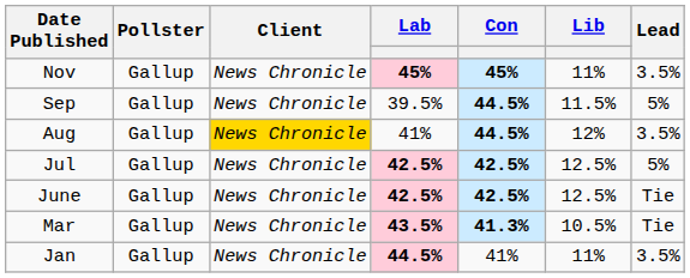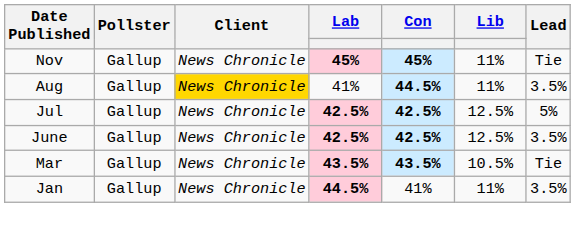 <table class="wikitable sortable mw-datatable" style="text-align:center;font-size:90%;line-height:14px;">
 <tr>
 <th rowspan="2">Date<br>Published</th>
 <th rowspan="2">Pollster</th>
 <th rowspan="2">Client</th>
 <th class="unsortable" style="width:50px;"><a href='#'>Lab</a></th>
 <th class="unsortable" style="width:50px;"><a href='#'>Con</a></th>
 <th class="unsortable" style="width:50px;"><a href='#'>Lib</a></th>
 <th rowspan="2">Lead</th>
 </tr>
 <tr>
 <th style="background:"></th>
 <th style="background:"></th>
 <th style="background:"></th>
 </tr>
 <tr>
 <td>Nov</td>
 <td>Gallup</td>
 <td><em>News Chronicle</em></td>
 <td style="background:#FFCCDA;"><strong>45%</strong></td>
 <td style="background:#CCEBFF;"><strong>45%</strong></td>
 <td>11%</td>
-<td style="background:">3.5%</td>
-</tr>
-<tr>
-<td>Sep</td>
-<td>Gallup</td>
-<td><em>News Chronicle</em></td>
-<td>39.5%</td>
-<td style="background:#CCEBFF;"><strong>44.5%</strong></td>
-<td>11.5%</td>
-<td style="background:">5%</td>
+<td>Tie</td>
 </tr>
 <tr>
 <td>Aug</td>
 <td>Gallup</td>
 <td style="background: gold;"><em>News Chronicle</em></td>
 <td>41%</td>
 <td style="background:#CCEBFF;"><strong>44.5%</strong></td>
-<td>12%</td>
+<td>11%</td>
 <td style="background:">3.5%</td>
 </tr>
 <tr>
 <td>Jul</td>
 <td>Gallup</td>
 <td><em>News Chronicle</em></td>
 <td style="background:#FFCCDA;"><strong>42.5%</strong></td>
 <td style="background:#CCEBFF;"><strong>42.5%</strong></td>
 <td>12.5%</td>
 <td style="background:">5%</td>
 </tr>
 <tr>
 <td>June</td>
 <td>Gallup</td>
 <td><em>News Chronicle</em></td>
 <td style="background:#FFCCDA;"><strong>42.5%</strong></td>
 <td style="background:#CCEBFF;"><strong>42.5%</strong></td>
 <td>12.5%</td>
-<td>Tie</td>
+<td style="background:">3.5%</td>
 </tr>
 <tr>
 <td>Mar</td>
 <td>Gallup</td>
 <td><em>News Chronicle</em></td>
 <td style="background:#FFCCDA;"><strong>43.5%</strong></td>
-<td style="background:#CCEBFF;"><strong>41.3%</strong></td>
+<td style="background:#CCEBFF;"><strong>43.5%</strong></td>
 <td>10.5%</td>
 <td>Tie</td>
 </tr>
 <tr>
 <td>Jan</td>
 <td>Gallup</td>
 <td><em>News Chronicle</em></td>
 <td style="background:#FFCCDA;"><strong>44.5%</strong></td>
 <td>41%</td>
 <td>11%</td>
 <td style="background:">3.5%</td>
 </tr>
 </table>
